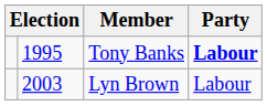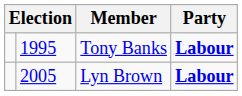 <table class="wikitable">
 <tr>
 <th colspan="2">Election</th>
 <th>Member</th>
 <th>Party</th>
 </tr>
 <tr>
 <td style="color:inherit;background-color: "></td>
 <td><a href='#'>1995</a></td>
 <td><a href='#'>Tony Banks</a></td>
 <td><strong><a href='#'>Labour</a></strong></td>
 </tr>
 <tr>
 <td style="color:inherit;background-color: "></td>
-<td><a href='#'>2003</a></td>
+<td><a href='#'>2005</a></td>
 <td><a href='#'>Lyn Brown</a></td>
-<td><a href='#'>Labour</a></td>
+<td><strong><a href='#'>Labour</a></strong></td>
 </tr>
 </table>
